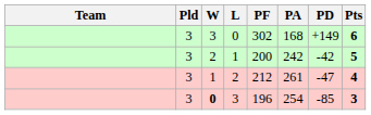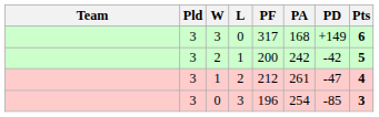 <table class="wikitable" style="text-align:center;">
 <tr>
 <th width=200>Team</th>
 <th width=20>Pld</th>
 <th width=20>W</th>
 <th width=20>L</th>
 <th width=30>PF</th>
 <th width=30>PA</th>
 <th width=30>PD</th>
 <th width=20>Pts</th>
 </tr>
 <tr bgcolor="#ccffcc">
 <td align="left"></td>
 <td>3</td>
 <td>3</td>
 <td>0</td>
-<td>302</td>
+<td>317</td>
 <td>168</td>
 <td>+149</td>
 <td><strong>6</strong></td>
 </tr>
 <tr bgcolor="#ccffcc">
 <td align=left></td>
 <td>3</td>
 <td>2</td>
 <td>1</td>
 <td>200</td>
 <td>242</td>
 <td>-42</td>
 <td><strong>5</strong></td>
 </tr>
 <tr bgcolor=#ffcccc>
 <td align=left></td>
 <td>3</td>
 <td>1</td>
 <td>2</td>
 <td>212</td>
 <td>261</td>
 <td>-47</td>
 <td><strong>4</strong></td>
 </tr>
 <tr bgcolor=#ffcccc>
 <td align=left></td>
 <td>3</td>
-<td><strong>0</strong></td>
+<td>0</td>
 <td>3</td>
 <td>196</td>
 <td>254</td>
 <td>-85</td>
 <td><strong>3</strong></td>
 </tr>
 </table>
